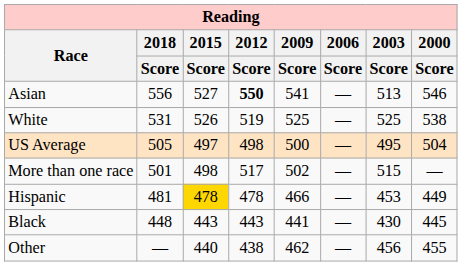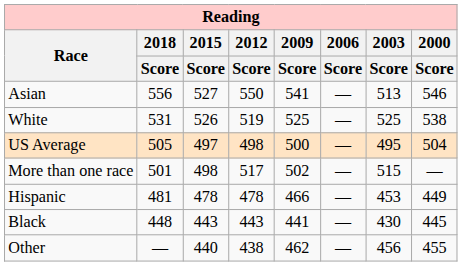 <table class="wikitable sortable" style="text-align:center;">
 <tr>
 <th colspan="8" style="background:#fcc;">Reading</th>
 </tr>
 <tr>
 <th rowspan=2>Race</th>
 <th>2018</th>
 <th>2015</th>
 <th>2012</th>
 <th>2009</th>
 <th>2006</th>
 <th>2003</th>
 <th>2000</th>
 </tr>
 <tr>
 <th>Score</th>
 <th data-sort-type=number>Score</th>
 <th data-sort-type=number>Score</th>
 <th data-sort-type=number>Score</th>
 <th data-sort-type=number>Score</th>
 <th data-sort-type=number>Score</th>
 <th data-sort-type=number>Score</th>
 </tr>
 <tr>
 <td style="text-align:left;">Asian</td>
 <td>556</td>
 <td>527</td>
-<td><strong>550</strong></td>
+<td>550</td>
 <td>541</td>
 <td>—</td>
 <td>513</td>
 <td>546</td>
 </tr>
 <tr>
 <td style="text-align:left;">White</td>
 <td>531</td>
 <td>526</td>
 <td>519</td>
 <td>525</td>
 <td>—</td>
 <td>525</td>
 <td>538</td>
 </tr>
 <tr style="background-color: #FFE4C4;">
 <td style="text-align:left;">US Average</td>
 <td>505</td>
 <td>497</td>
 <td>498</td>
 <td>500</td>
 <td>—</td>
 <td>495</td>
 <td>504</td>
 </tr>
 <tr>
 <td style="text-align:left;">More than one race</td>
 <td>501</td>
 <td>498</td>
 <td>517</td>
 <td>502</td>
 <td>—</td>
 <td>515</td>
 <td>—</td>
 </tr>
 <tr>
 <td style="text-align:left;">Hispanic</td>
 <td>481</td>
-<td style="background: gold;">478</td>
+<td>478</td>
 <td>478</td>
 <td>466</td>
 <td>—</td>
 <td>453</td>
 <td>449</td>
 </tr>
 <tr>
 <td style="text-align:left;">Black</td>
 <td>448</td>
 <td>443</td>
 <td>443</td>
 <td>441</td>
 <td>—</td>
 <td>430</td>
 <td>445</td>
 </tr>
 <tr>
 <td style="text-align:left;">Other</td>
 <td>—</td>
 <td>440</td>
 <td>438</td>
 <td>462</td>
 <td>—</td>
 <td>456</td>
 <td>455</td>
 </tr>
 </table>
